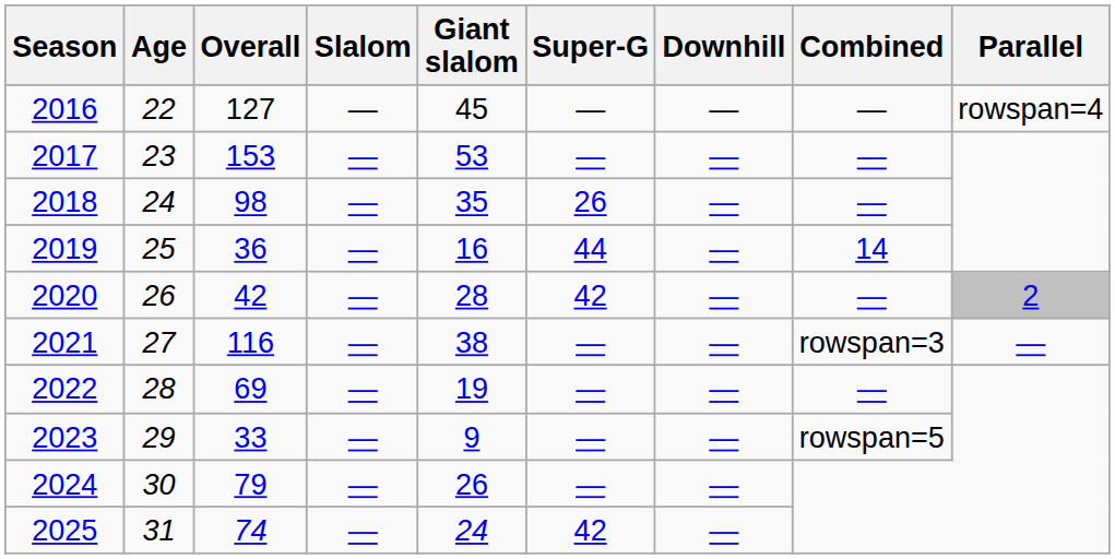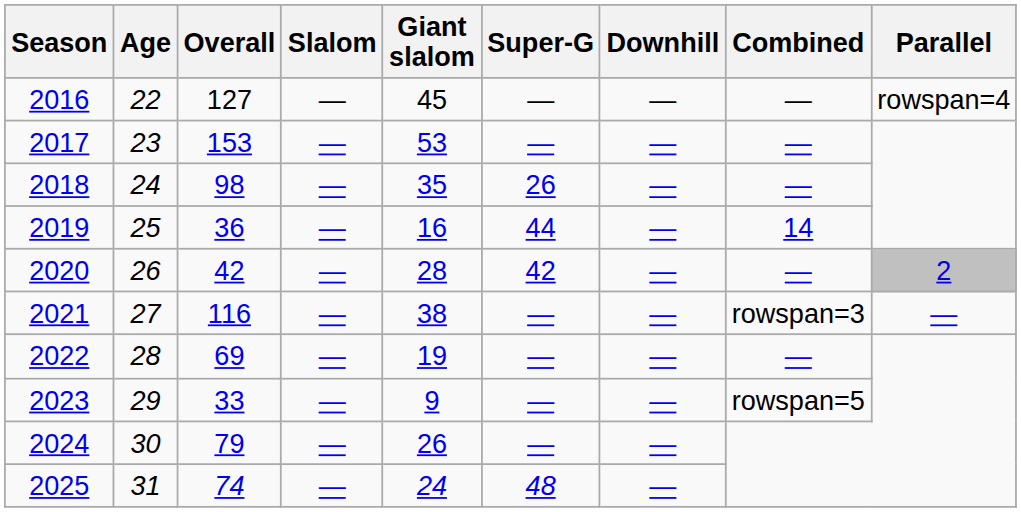 <table class="wikitable" style="text-align:center; font-size:95%;">
 <tr>
 <th>Season</th>
 <th>Age</th>
 <th>Overall</th>
 <th>Slalom</th>
 <th>Giant<br>slalom</th>
 <th>Super-G</th>
 <th>Downhill</th>
 <th>Combined</th>
 <th>Parallel</th>
 </tr>
 <tr>
 <td><a href='#'>2016</a></td>
 <td><em>22</em></td>
 <td>127</td>
 <td>—</td>
 <td>45</td>
 <td>—</td>
 <td>—</td>
 <td>—</td>
 <td>rowspan=4 </td>
 </tr>
 <tr>
 <td><a href='#'>2017</a></td>
 <td><em>23</em></td>
 <td><a href='#'>153</a></td>
 <td><a href='#'>—</a></td>
 <td><a href='#'>53</a></td>
 <td><a href='#'>—</a></td>
 <td><a href='#'>—</a></td>
 <td><a href='#'>—</a></td>
 </tr>
 <tr>
 <td><a href='#'>2018</a></td>
 <td><em>24</em></td>
 <td><a href='#'>98</a></td>
 <td><a href='#'>—</a></td>
 <td><a href='#'>35</a></td>
 <td><a href='#'>26</a></td>
 <td><a href='#'>—</a></td>
 <td><a href='#'>—</a></td>
 </tr>
 <tr>
 <td><a href='#'>2019</a></td>
 <td><em>25</em></td>
 <td><a href='#'>36</a></td>
 <td><a href='#'>—</a></td>
 <td><a href='#'>16</a></td>
 <td><a href='#'>44</a></td>
 <td><a href='#'>—</a></td>
 <td><a href='#'>14</a></td>
 </tr>
 <tr>
 <td><a href='#'>2020</a></td>
 <td><em>26</em></td>
 <td><a href='#'>42</a></td>
 <td><a href='#'>—</a></td>
 <td><a href='#'>28</a></td>
 <td><a href='#'>42</a></td>
 <td><a href='#'>—</a></td>
 <td><a href='#'>—</a></td>
 <td bgcolor="silver"><a href='#'>2</a></td>
 </tr>
 <tr>
 <td><a href='#'>2021</a></td>
 <td><em>27</em></td>
 <td><a href='#'>116</a></td>
 <td><a href='#'>—</a></td>
 <td><a href='#'>38</a></td>
 <td><a href='#'>—</a></td>
 <td><a href='#'>—</a></td>
 <td>rowspan=3</td>
 <td><a href='#'>—</a></td>
 </tr>
 <tr>
 <td><a href='#'>2022</a></td>
 <td><em>28</em></td>
 <td><a href='#'>69</a></td>
 <td><a href='#'>—</a></td>
 <td><a href='#'>19</a></td>
 <td><a href='#'>—</a></td>
 <td><a href='#'>—</a></td>
 <td><a href='#'>—</a></td>
 </tr>
 <tr>
 <td><a href='#'>2023</a></td>
 <td><em>29</em></td>
 <td><a href='#'>33</a></td>
 <td><a href='#'>—</a></td>
 <td><a href='#'>9</a></td>
 <td><a href='#'>—</a></td>
 <td><a href='#'>—</a></td>
 <td>rowspan=5</td>
 </tr>
 <tr>
 <td><a href='#'>2024</a></td>
 <td><em>30</em></td>
 <td><a href='#'>79</a></td>
 <td><a href='#'>—</a></td>
 <td><a href='#'>26</a></td>
 <td><a href='#'>—</a></td>
 <td><a href='#'>—</a></td>
 </tr>
 <tr>
 <td><a href='#'>2025</a></td>
 <td><em>31</em></td>
 <td><a href='#'><em>74</em></a></td>
 <td><a href='#'>—</a></td>
 <td><a href='#'><em>24</em></a></td>
-<td><a href='#'>42</a></td>
+<td><a href='#'><em>48</em></a></td>
 <td><a href='#'>—</a></td>
 </tr>
 </table>
